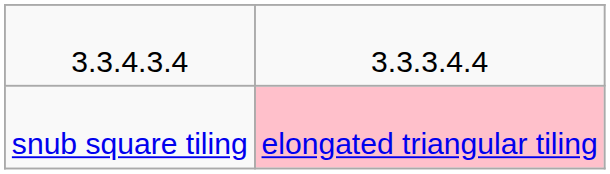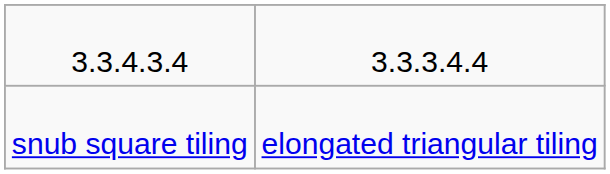 <table class=wikitable>
 <tr align=center>
 <td><br>3.3.4.3.4</td>
 <td><br>3.3.3.4.4</td>
 </tr>
 <tr align=center>
 <td><br><a href='#'>snub square tiling</a></td>
-<td style="background: pink;"><br><a href='#'>elongated triangular tiling</a></td>
+<td><br><a href='#'>elongated triangular tiling</a></td>
 </tr>
 </table>
